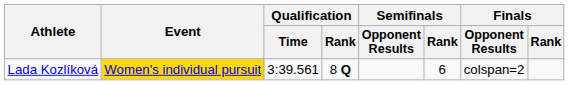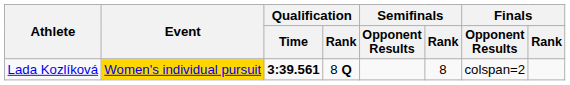 <table class=wikitable style="font-size:90%">
 <tr>
 <th rowspan="2">Athlete</th>
 <th rowspan="2">Event</th>
 <th colspan="2">Qualification</th>
 <th colspan="2">Semifinals</th>
 <th colspan="2">Finals</th>
 </tr>
 <tr style="font-size:95%">
 <th>Time</th>
 <th>Rank</th>
 <th>Opponent<br>Results</th>
 <th>Rank</th>
 <th>Opponent<br>Results</th>
 <th>Rank</th>
 </tr>
 <tr align=center>
 <td align=left><a href='#'>Lada Kozlíková</a></td>
 <td align=left style="background: gold;"><a href='#'>Women's individual pursuit</a></td>
-<td>3:39.561</td>
+<td><strong>3:39.561</strong></td>
 <td>8 <strong>Q</strong></td>
 <td><br></td>
-<td>6</td>
+<td>8</td>
 <td>colspan=2 </td>
 </tr>
 </table>
